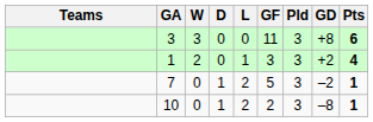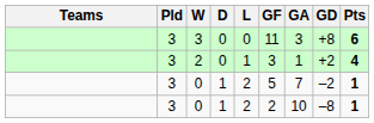 <table class="wikitable" style="text-align: center;">
 <tr>
 <th width=165>Teams</th>
-<th width=20>GA</th>
+<th width=20>Pld</th>
 <th width=20>W</th>
 <th width=20>D</th>
 <th width=20>L</th>
 <th width=20>GF</th>
-<th width=20>Pld</th>
+<th width=20>GA</th>
 <th width=20>GD</th>
 <th width=20>Pts</th>
 </tr>
 <tr align=center style="background:#ccffcc;">
 <td style="text-align:left;"></td>
 <td>3</td>
 <td>3</td>
 <td>0</td>
 <td>0</td>
 <td>11</td>
 <td>3</td>
 <td>+8</td>
 <td><strong>6</strong></td>
 </tr>
 <tr align=center style="background:#ccffcc;">
 <td style="text-align:left;"></td>
-<td>1</td>
+<td>3</td>
 <td>2</td>
 <td>0</td>
 <td>1</td>
 <td>3</td>
-<td>3</td>
+<td>1</td>
 <td>+2</td>
 <td><strong>4</strong></td>
 </tr>
 <tr align=center>
 <td style="text-align:left;"></td>
-<td>7</td>
+<td>3</td>
 <td>0</td>
 <td>1</td>
 <td>2</td>
 <td>5</td>
-<td>3</td>
+<td>7</td>
 <td>–2</td>
 <td><strong>1</strong></td>
 </tr>
 <tr align=center>
 <td style="text-align:left;"></td>
-<td>10</td>
+<td>3</td>
 <td>0</td>
 <td>1</td>
 <td>2</td>
 <td>2</td>
-<td>3</td>
+<td>10</td>
 <td>–8</td>
 <td><strong>1</strong></td>
 </tr>
 </table>
